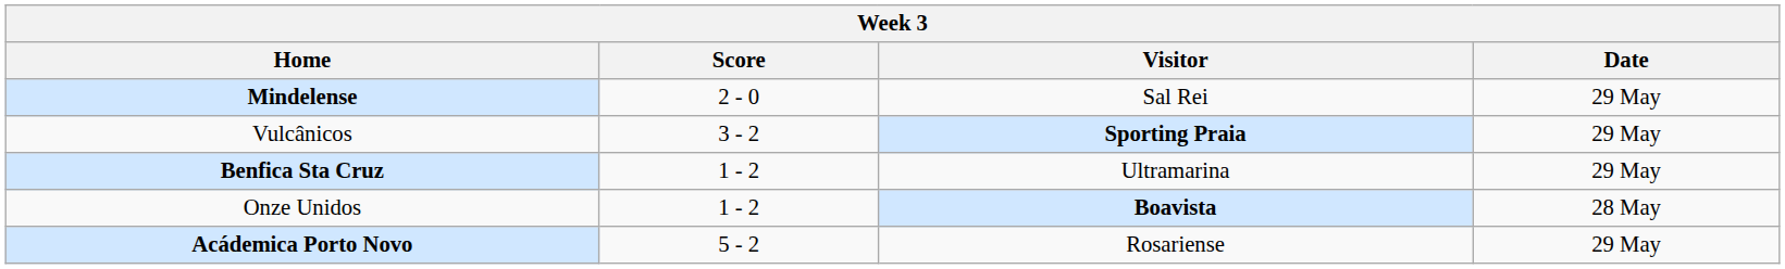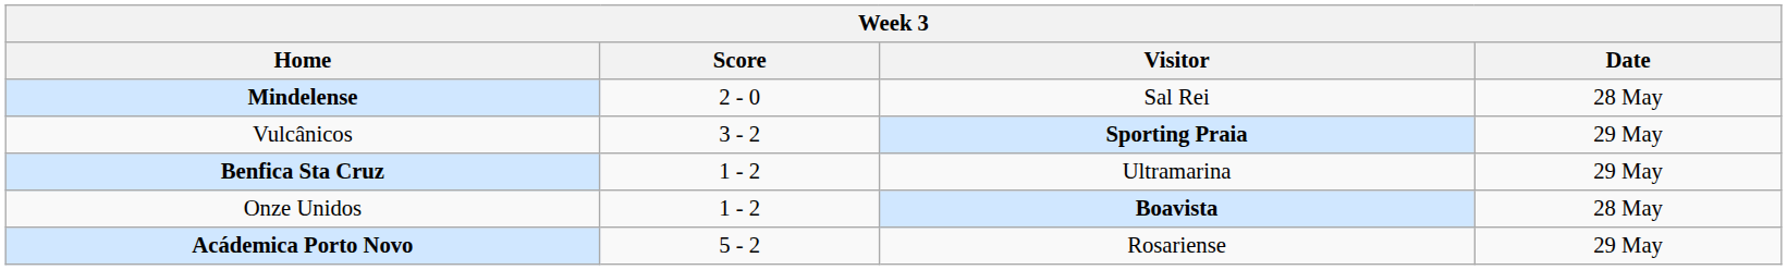 <table class="wikitable" style="margin:1em auto; font-size:95%; text-align: center; width: 95%;">
 <tr>
 <th colspan="12" style="with: 100%;" align=center>Week 3</th>
 </tr>
 <tr>
 <th width="200">Home</th>
 <th width="90">Score</th>
 <th width="200">Visitor</th>
 <th width="100">Date</th>
 </tr>
 <tr align=center>
 <td bgcolor=#D0E7FF><strong>Mindelense</strong></td>
 <td>2 - 0</td>
 <td>Sal Rei</td>
-<td>29 May</td>
+<td>28 May</td>
 </tr>
 <tr align=center>
 <td>Vulcânicos</td>
 <td>3 - 2</td>
 <td bgcolor=#D0E7FF><strong>Sporting Praia </strong></td>
 <td>29 May</td>
 </tr>
 <tr align=center>
 <td bgcolor=#D0E7FF><strong>Benfica Sta Cruz</strong></td>
 <td>1 - 2</td>
 <td>Ultramarina</td>
 <td>29 May</td>
 </tr>
 <tr align=center>
 <td>Onze Unidos</td>
 <td>1 - 2</td>
 <td bgcolor=#D0E7FF><strong>Boavista</strong></td>
 <td>28 May</td>
 </tr>
 <tr align=center>
 <td bgcolor=#D0E7FF><strong>Acádemica Porto Novo</strong></td>
 <td>5 - 2</td>
 <td>Rosariense</td>
 <td>29 May</td>
 </tr>
 </table>
